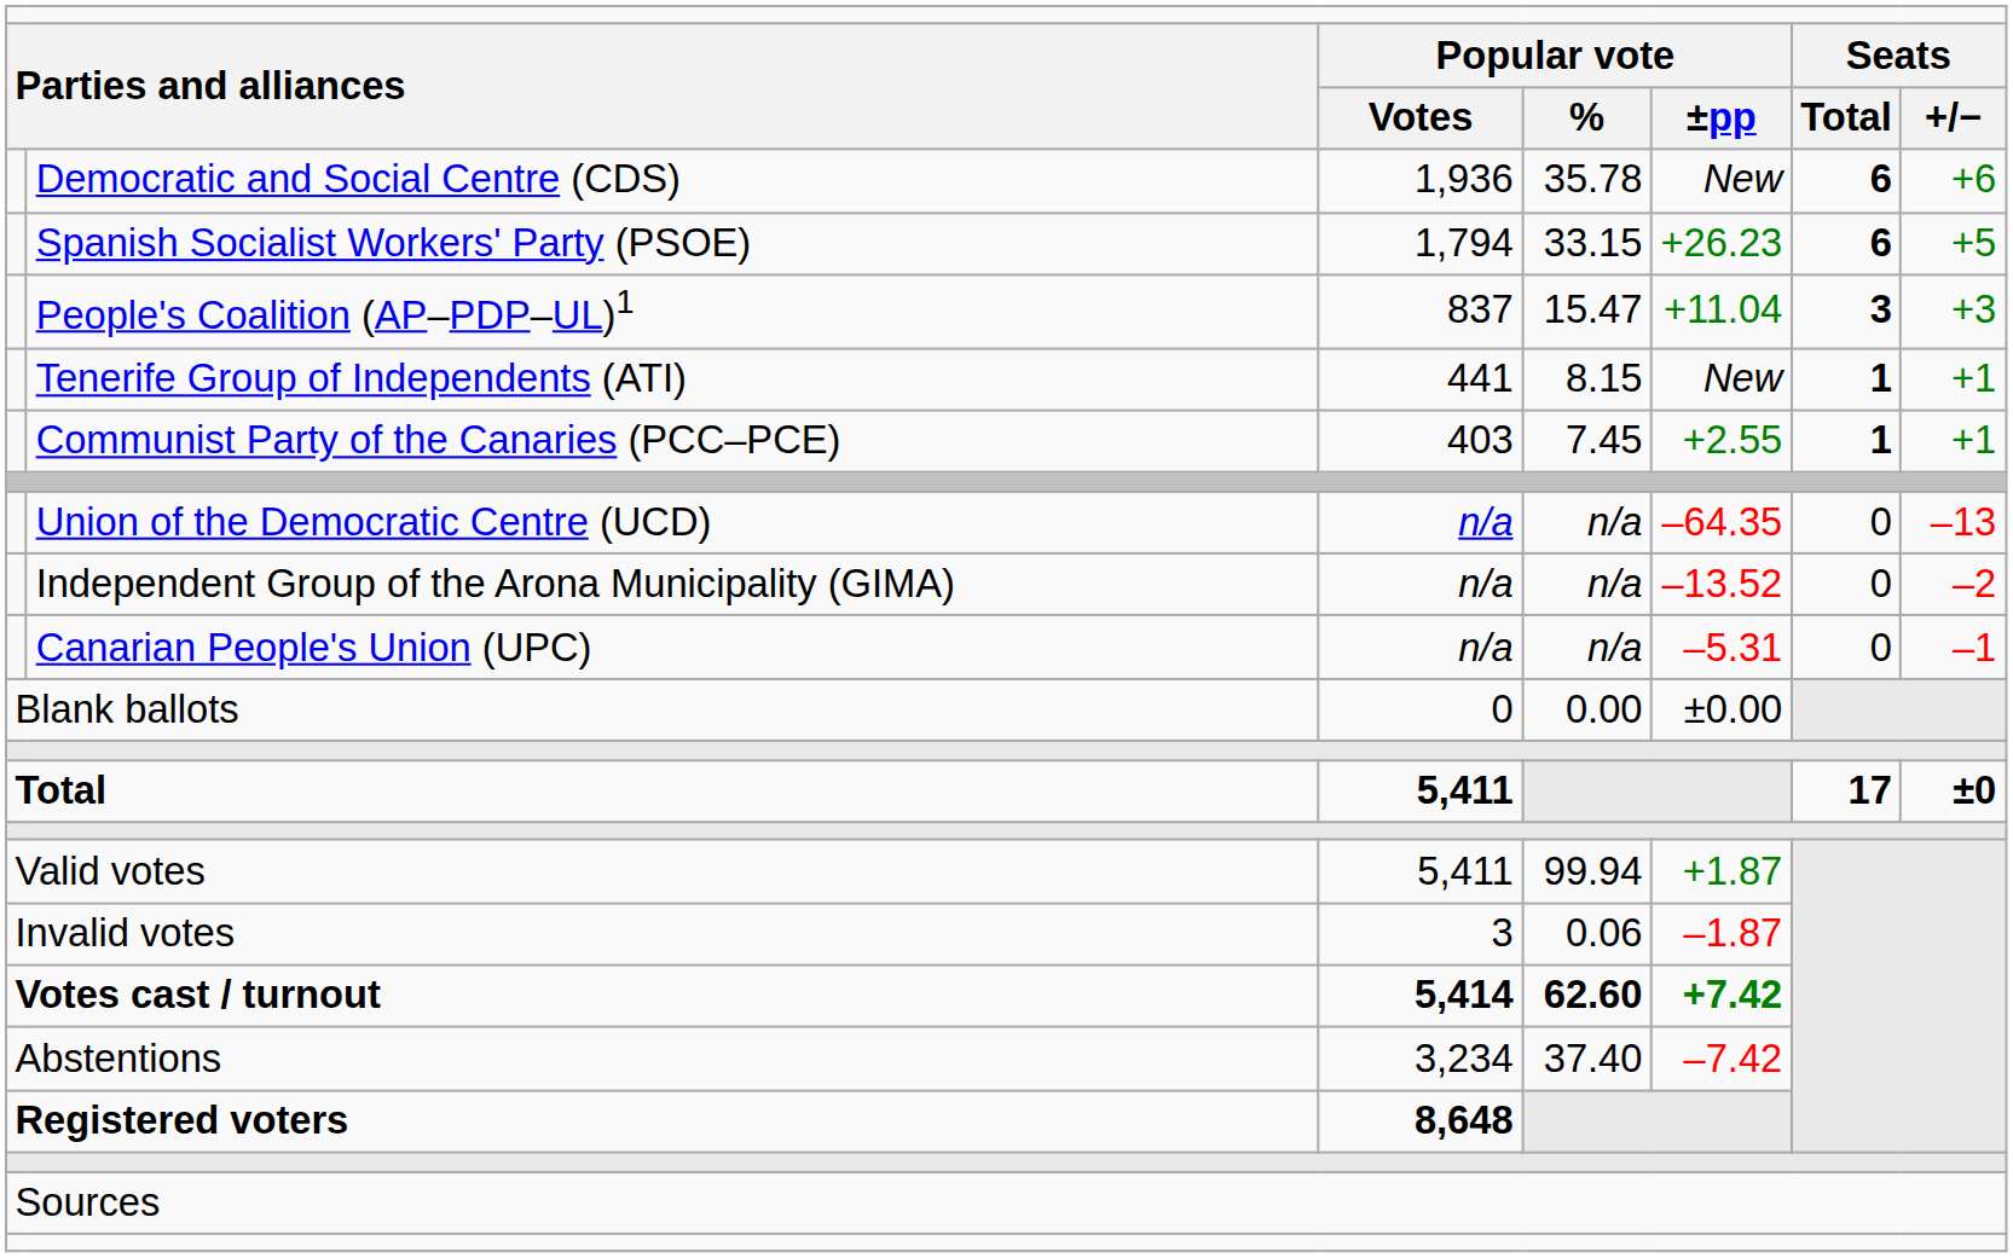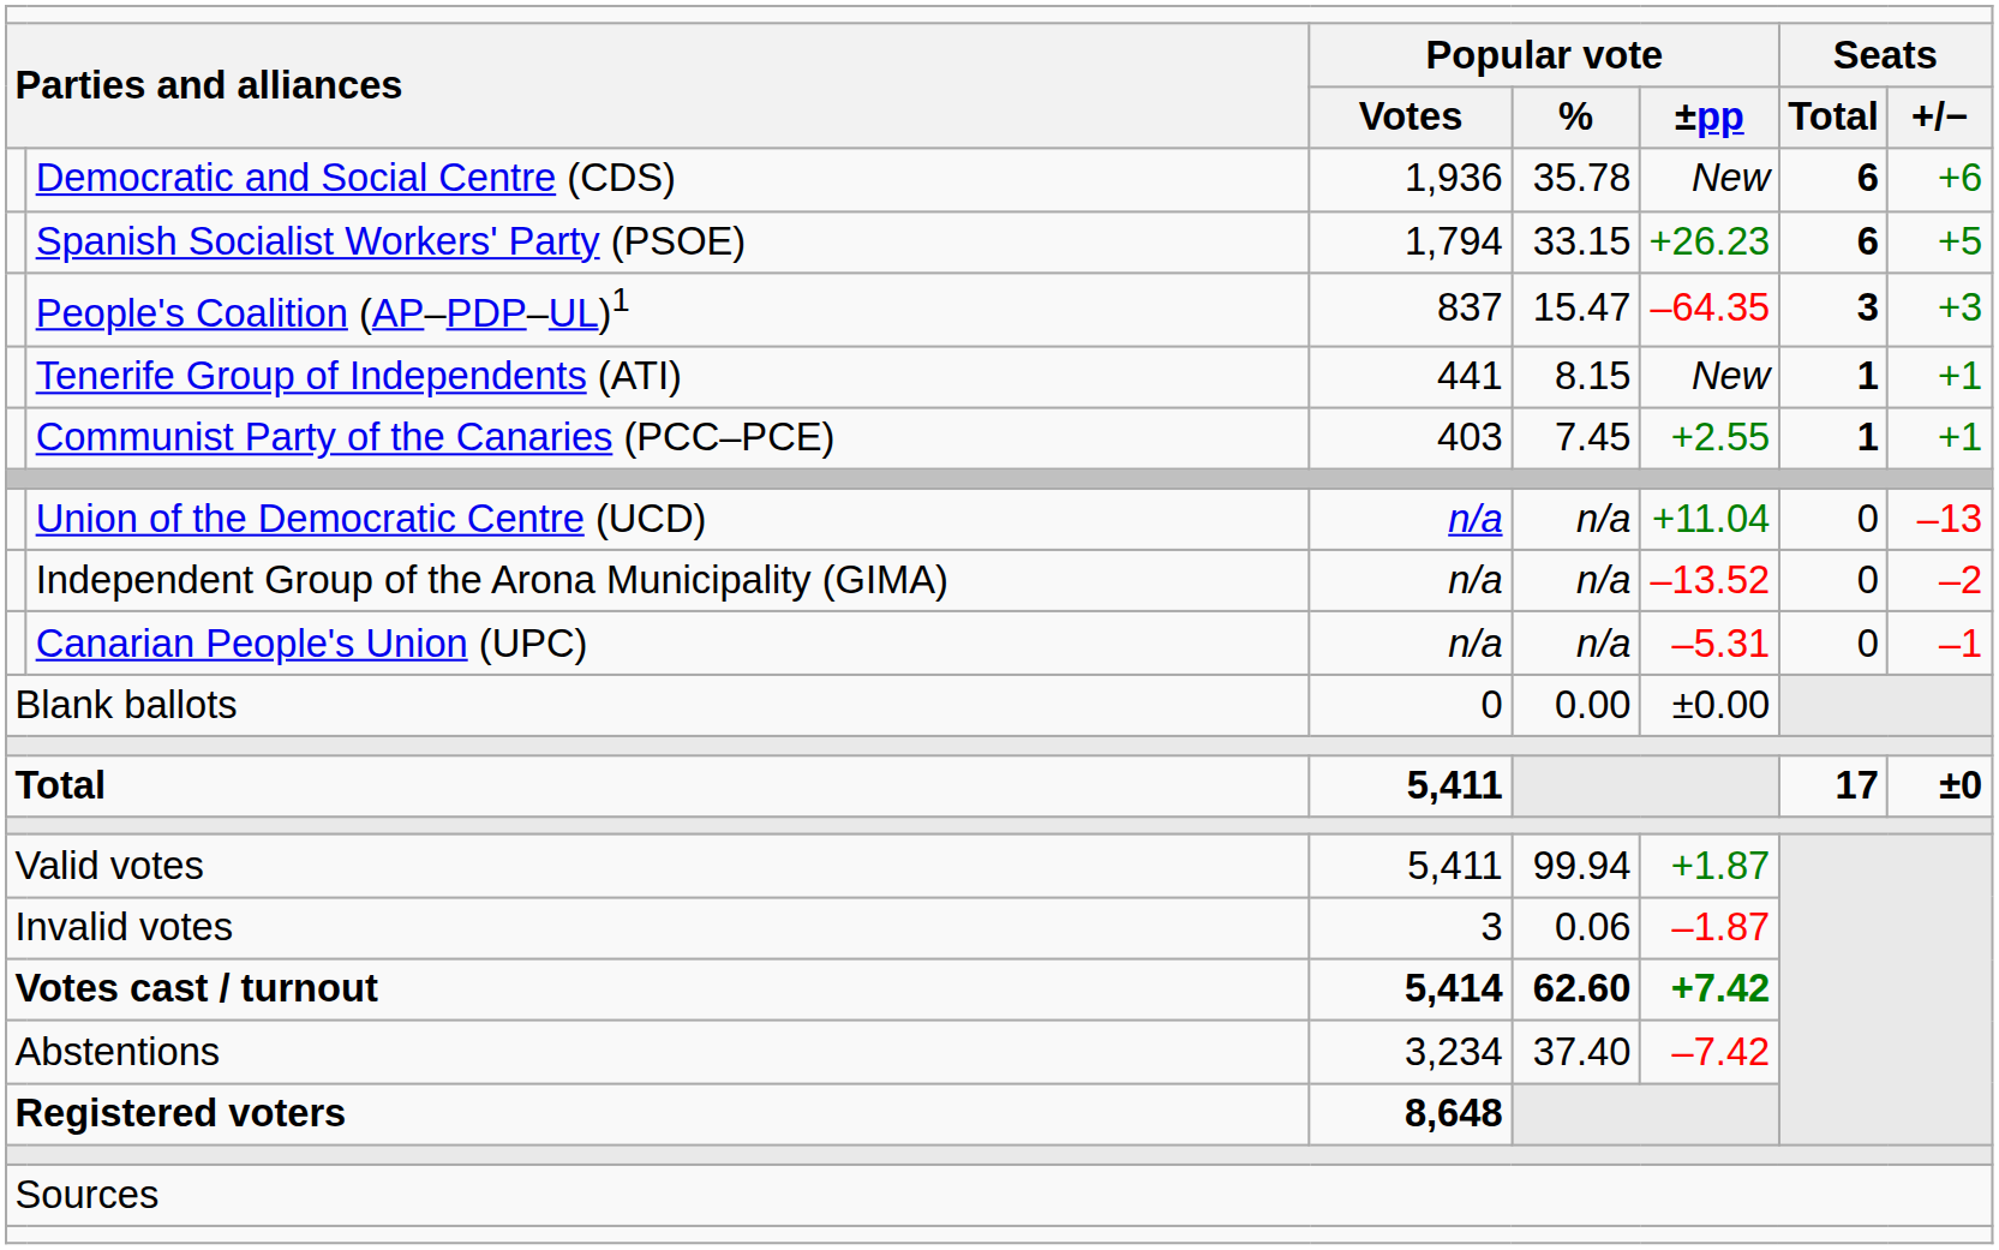 <table class="wikitable" style="text-align:right;">
 <tr>
 <td colspan="7"></td>
 </tr>
 <tr>
 <th style="text-align:left;" rowspan="2" colspan="2" width="525">Parties and alliances</th>
 <th colspan="3">Popular vote</th>
 <th colspan="2">Seats</th>
 </tr>
 <tr>
 <th width="75">Votes</th>
 <th width="45">%</th>
 <th width="45">±<a href='#'>pp</a></th>
 <th width="35">Total</th>
 <th width="35">+/−</th>
 </tr>
 <tr>
 <td width="1" style="color:inherit;background:"></td>
 <td align="left"><a href='#'>Democratic and Social Centre</a> (CDS)</td>
 <td>1,936</td>
 <td>35.78</td>
 <td><em>New</em></td>
 <td><strong>6</strong></td>
 <td style="color:green;">+6</td>
 </tr>
 <tr>
 <td style="color:inherit;background:"></td>
 <td align="left"><a href='#'>Spanish Socialist Workers' Party</a> (PSOE)</td>
 <td>1,794</td>
 <td>33.15</td>
 <td style="color:green;">+26.23</td>
 <td><strong>6</strong></td>
 <td style="color:green;">+5</td>
 </tr>
 <tr>
 <td style="color:inherit;background:"></td>
 <td align="left"><a href='#'>People's Coalition</a> (<a href='#'>AP</a>–<a href='#'>PDP</a>–<a href='#'>UL</a>)<sup>1</sup></td>
 <td>837</td>
 <td>15.47</td>
-<td style="color:green;">+11.04</td>
+<td style="color:red;">–64.35</td>
 <td><strong>3</strong></td>
 <td style="color:green;">+3</td>
 </tr>
 <tr>
 <td style="color:inherit;background:"></td>
 <td align="left"><a href='#'>Tenerife Group of Independents</a> (ATI)</td>
 <td>441</td>
 <td>8.15</td>
 <td><em>New</em></td>
 <td><strong>1</strong></td>
 <td style="color:green;">+1</td>
 </tr>
 <tr>
 <td style="color:inherit;background:"></td>
 <td align="left"><a href='#'>Communist Party of the Canaries</a> (PCC–PCE)</td>
 <td>403</td>
 <td>7.45</td>
 <td style="color:green;">+2.55</td>
 <td><strong>1</strong></td>
 <td style="color:green;">+1</td>
 </tr>
 <tr>
 <td colspan="7" bgcolor="#C0C0C0"></td>
 </tr>
 <tr>
 <td style="color:inherit;background:"></td>
 <td align="left"><a href='#'>Union of the Democratic Centre</a> (UCD)</td>
 <td><em><a href='#'>n/a</a></em></td>
 <td><em>n/a</em></td>
-<td style="color:red;">–64.35</td>
+<td style="color:green;">+11.04</td>
 <td>0</td>
 <td style="color:red;">–13</td>
 </tr>
 <tr>
 <td style="color:inherit;background:"></td>
 <td align="left">Independent Group of the Arona Municipality (GIMA)</td>
 <td><em>n/a</em></td>
 <td><em>n/a</em></td>
 <td style="color:red;">–13.52</td>
 <td>0</td>
 <td style="color:red;">–2</td>
 </tr>
 <tr>
 <td style="color:inherit;background:"></td>
 <td align="left"><a href='#'>Canarian People's Union</a> (UPC)</td>
 <td><em>n/a</em></td>
 <td><em>n/a</em></td>
 <td style="color:red;">–5.31</td>
 <td>0</td>
 <td style="color:red;">–1</td>
 </tr>
 <tr>
 <td align="left" colspan="2">Blank ballots</td>
 <td>0</td>
 <td>0.00</td>
 <td>±0.00</td>
 <td bgcolor="#E9E9E9" colspan="2"></td>
 </tr>
 <tr>
 <td colspan="7" bgcolor="#E9E9E9"></td>
 </tr>
 <tr style="font-weight:bold;">
 <td align="left" colspan="2">Total</td>
 <td>5,411</td>
 <td bgcolor="#E9E9E9" colspan="2"></td>
 <td>17</td>
 <td>±0</td>
 </tr>
 <tr>
 <td colspan="7" bgcolor="#E9E9E9"></td>
 </tr>
 <tr>
 <td align="left" colspan="2">Valid votes</td>
 <td>5,411</td>
 <td>99.94</td>
 <td style="color:green;">+1.87</td>
 <td bgcolor="#E9E9E9" colspan="2" rowspan="5"></td>
 </tr>
 <tr>
 <td align="left" colspan="2">Invalid votes</td>
 <td>3</td>
 <td>0.06</td>
 <td style="color:red;">–1.87</td>
 </tr>
 <tr style="font-weight:bold;">
 <td align="left" colspan="2">Votes cast / turnout</td>
 <td>5,414</td>
 <td>62.60</td>
 <td style="color:green;">+7.42</td>
 </tr>
 <tr>
 <td align="left" colspan="2">Abstentions</td>
 <td>3,234</td>
 <td>37.40</td>
 <td style="color:red;">–7.42</td>
 </tr>
 <tr style="font-weight:bold;">
 <td align="left" colspan="2">Registered voters</td>
 <td>8,648</td>
 <td bgcolor="#E9E9E9" colspan="2"></td>
 </tr>
 <tr>
 <td colspan="7" bgcolor="#E9E9E9"></td>
 </tr>
 <tr>
 <td align="left" colspan="7">Sources</td>
 </tr>
 <tr>
 <td colspan="7" style="text-align:left; max-width:790px;"></td>
 </tr>
 </table>
